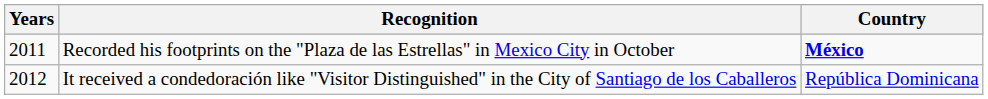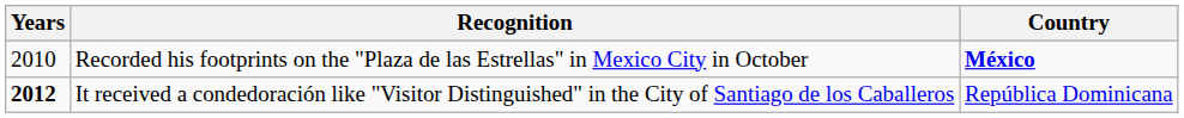 <table class="wikitable">
 <tr style="background:#ccc; text-align:center;">
 <th>Years</th>
 <th>Recognition</th>
 <th>Country</th>
 </tr>
 <tr>
-<td>2011</td>
+<td>2010</td>
 <td>Recorded his footprints on the "Plaza de las Estrellas" in <a href='#'>Mexico City</a> in October</td>
 <td><strong><a href='#'>México</a></strong></td>
 </tr>
 <tr>
-<td>2012</td>
+<td><strong>2012</strong></td>
 <td>It received a condedoración like "Visitor Distinguished" in the City of <a href='#'>Santiago de los Caballeros</a></td>
 <td><a href='#'>República Dominicana</a></td>
 </tr>
 </table>
